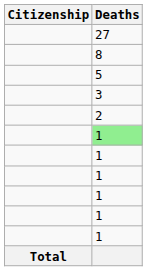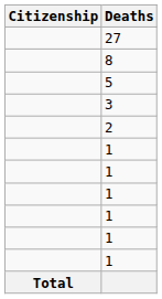 <table class="wikitable sortable floatright">
 <tr>
 <th>Citizenship</th>
 <th>Deaths</th>
 </tr>
 <tr>
 <td></td>
 <td>27</td>
 </tr>
 <tr>
 <td></td>
 <td>8</td>
 </tr>
 <tr>
 <td></td>
 <td>5</td>
 </tr>
 <tr>
 <td></td>
 <td>3</td>
 </tr>
 <tr>
 <td></td>
 <td>2</td>
 </tr>
 <tr>
 <td></td>
-<td style="background: lightgreen;">1</td>
+<td>1</td>
 </tr>
 <tr>
 <td></td>
 <td>1</td>
 </tr>
 <tr>
 <td></td>
 <td>1</td>
 </tr>
 <tr>
 <td></td>
 <td>1</td>
 </tr>
 <tr>
 <td></td>
 <td>1</td>
 </tr>
 <tr>
 <td></td>
 <td>1</td>
 </tr>
 <tr class="sortbottom">
 <th><strong>Total</strong></th>
 <th><strong></strong></th>
 </tr>
 </table>
